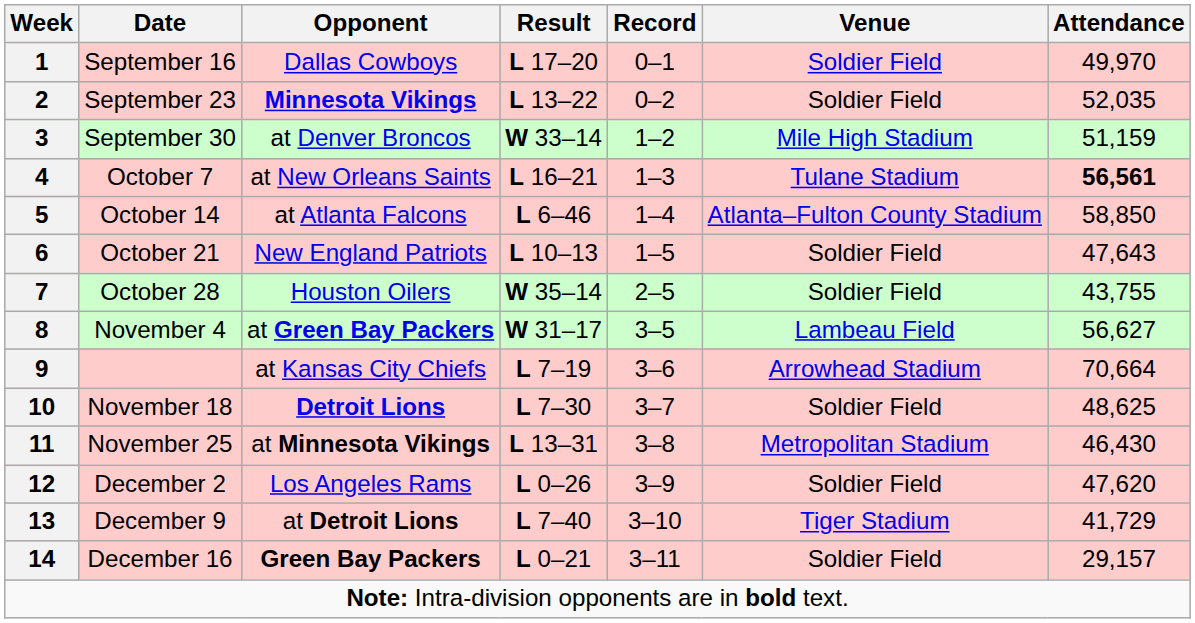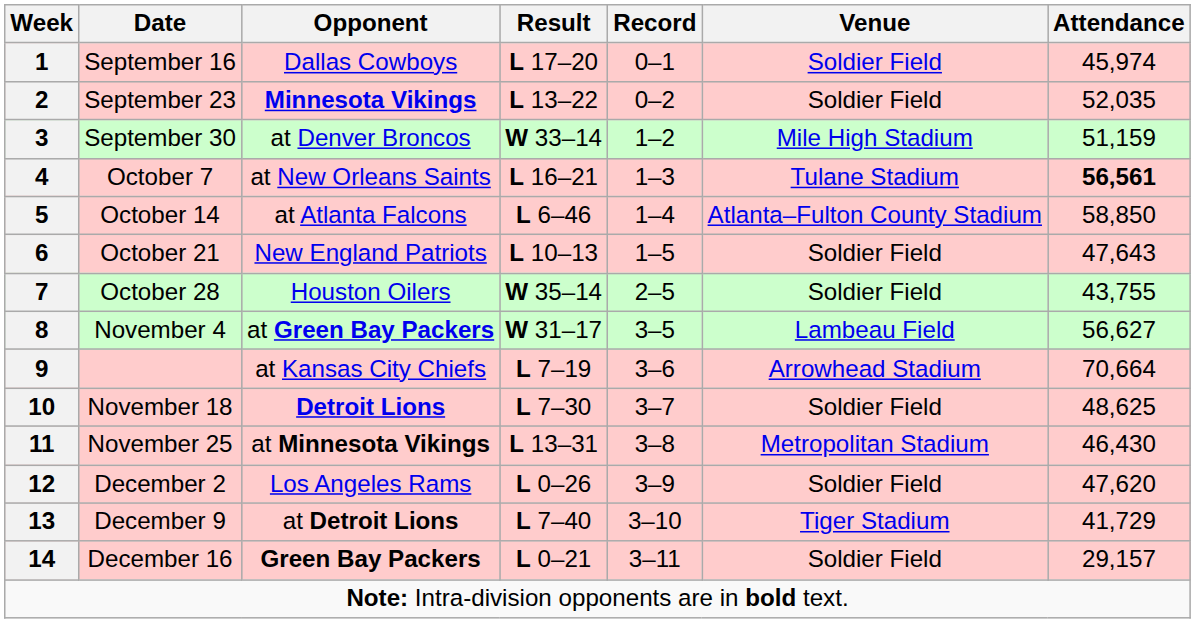 <table class="wikitable" style="text-align:center">
 <tr>
 <th>Week</th>
 <th>Date</th>
 <th>Opponent</th>
 <th>Result</th>
 <th>Record</th>
 <th>Venue</th>
 <th>Attendance</th>
 </tr>
 <tr style="background:#fcc">
 <th>1</th>
 <td>September 16</td>
 <td><a href='#'>Dallas Cowboys</a></td>
 <td><strong>L</strong> 17–20</td>
 <td>0–1</td>
 <td><a href='#'>Soldier Field</a></td>
-<td>49,970</td>
+<td>45,974</td>
 </tr>
 <tr style="background:#fcc">
 <th>2</th>
 <td>September 23</td>
 <td><strong><a href='#'>Minnesota Vikings</a></strong></td>
 <td><strong>L</strong> 13–22</td>
 <td>0–2</td>
 <td>Soldier Field</td>
 <td>52,035</td>
 </tr>
 <tr style="background:#cfc">
 <th>3</th>
 <td>September 30</td>
 <td>at <a href='#'>Denver Broncos</a></td>
 <td><strong>W</strong> 33–14</td>
 <td>1–2</td>
 <td><a href='#'>Mile High Stadium</a></td>
 <td>51,159</td>
 </tr>
 <tr style="background:#fcc">
 <th>4</th>
 <td>October 7</td>
 <td>at <a href='#'>New Orleans Saints</a></td>
 <td><strong>L</strong> 16–21</td>
 <td>1–3</td>
 <td><a href='#'>Tulane Stadium</a></td>
 <td><strong>56,561</strong></td>
 </tr>
 <tr style="background:#fcc">
 <th>5</th>
 <td>October 14</td>
 <td>at <a href='#'>Atlanta Falcons</a></td>
 <td><strong>L</strong> 6–46</td>
 <td>1–4</td>
 <td><a href='#'>Atlanta–Fulton County Stadium</a></td>
 <td>58,850</td>
 </tr>
 <tr style="background:#fcc">
 <th>6</th>
 <td>October 21</td>
 <td><a href='#'>New England Patriots</a></td>
 <td><strong>L</strong> 10–13</td>
 <td>1–5</td>
 <td>Soldier Field</td>
 <td>47,643</td>
 </tr>
 <tr style="background:#cfc">
 <th>7</th>
 <td>October 28</td>
 <td><a href='#'>Houston Oilers</a></td>
 <td><strong>W</strong> 35–14</td>
 <td>2–5</td>
 <td>Soldier Field</td>
 <td>43,755</td>
 </tr>
 <tr style="background:#cfc">
 <th>8</th>
 <td>November 4</td>
 <td>at <strong><a href='#'>Green Bay Packers</a></strong></td>
 <td><strong>W</strong> 31–17</td>
 <td>3–5</td>
 <td><a href='#'>Lambeau Field</a></td>
 <td>56,627</td>
 </tr>
 <tr style="background:#fcc">
 <th>9</th>
 <td></td>
 <td>at <a href='#'>Kansas City Chiefs</a></td>
 <td><strong>L</strong> 7–19</td>
 <td>3–6</td>
 <td><a href='#'>Arrowhead Stadium</a></td>
 <td>70,664</td>
 </tr>
 <tr style="background:#fcc">
 <th>10</th>
 <td>November 18</td>
 <td><strong><a href='#'>Detroit Lions</a></strong></td>
 <td><strong>L</strong> 7–30</td>
 <td>3–7</td>
 <td>Soldier Field</td>
 <td>48,625</td>
 </tr>
 <tr style="background:#fcc">
 <th>11</th>
 <td>November 25</td>
 <td>at <strong>Minnesota Vikings</strong></td>
 <td><strong>L</strong> 13–31</td>
 <td>3–8</td>
 <td><a href='#'>Metropolitan Stadium</a></td>
 <td>46,430</td>
 </tr>
 <tr style="background:#fcc">
 <th>12</th>
 <td>December 2</td>
 <td><a href='#'>Los Angeles Rams</a></td>
 <td><strong>L</strong> 0–26</td>
 <td>3–9</td>
 <td>Soldier Field</td>
 <td>47,620</td>
 </tr>
 <tr style="background:#fcc">
 <th>13</th>
 <td>December 9</td>
 <td>at <strong>Detroit Lions</strong></td>
 <td><strong>L</strong> 7–40</td>
 <td>3–10</td>
 <td><a href='#'>Tiger Stadium</a></td>
 <td>41,729</td>
 </tr>
 <tr style="background:#fcc">
 <th>14</th>
 <td>December 16</td>
 <td><strong>Green Bay Packers</strong></td>
 <td><strong>L</strong> 0–21</td>
 <td>3–11</td>
 <td>Soldier Field</td>
 <td>29,157</td>
 </tr>
 <tr>
 <td colspan="8"><strong>Note:</strong> Intra-division opponents are in <strong>bold</strong> text.</td>
 </tr>
 </table>
